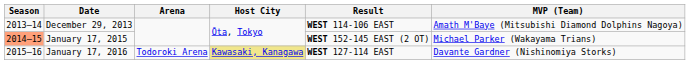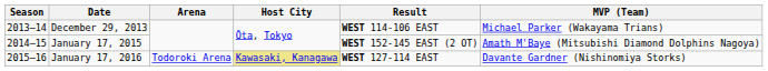 <table class=wikitable>
 <tr>
 <th>Season</th>
 <th>Date</th>
 <th>Arena</th>
 <th>Host City</th>
 <th>Result</th>
 <th>MVP (Team)</th>
 </tr>
 <tr>
 <td>2013–14</td>
 <td>December 29, 2013</td>
 <td rowspan=2></td>
 <td rowspan=2><a href='#'>Ōta</a>, <a href='#'>Tokyo</a></td>
 <td><strong>WEST</strong> 114-106 EAST</td>
-<td><a href='#'>Amath M'Baye</a> (Mitsubishi Diamond Dolphins Nagoya)</td>
+<td><a href='#'>Michael Parker</a> (Wakayama Trians)</td>
 </tr>
 <tr>
-<td style="background: lightsalmon;">2014–15</td>
+<td>2014–15</td>
 <td>January 17, 2015</td>
 <td><strong>WEST</strong> 152-145 EAST (2 OT)</td>
-<td><a href='#'>Michael Parker</a> (Wakayama Trians)</td>
+<td><a href='#'>Amath M'Baye</a> (Mitsubishi Diamond Dolphins Nagoya)</td>
 </tr>
 <tr>
 <td>2015–16</td>
 <td>January 17, 2016</td>
 <td><a href='#'>Todoroki Arena</a></td>
 <td style="background: khaki;"><a href='#'>Kawasaki, Kanagawa</a></td>
 <td><strong>WEST</strong> 127-114 EAST</td>
 <td><a href='#'>Davante Gardner</a> (Nishinomiya Storks)</td>
 </tr>
 </table>
